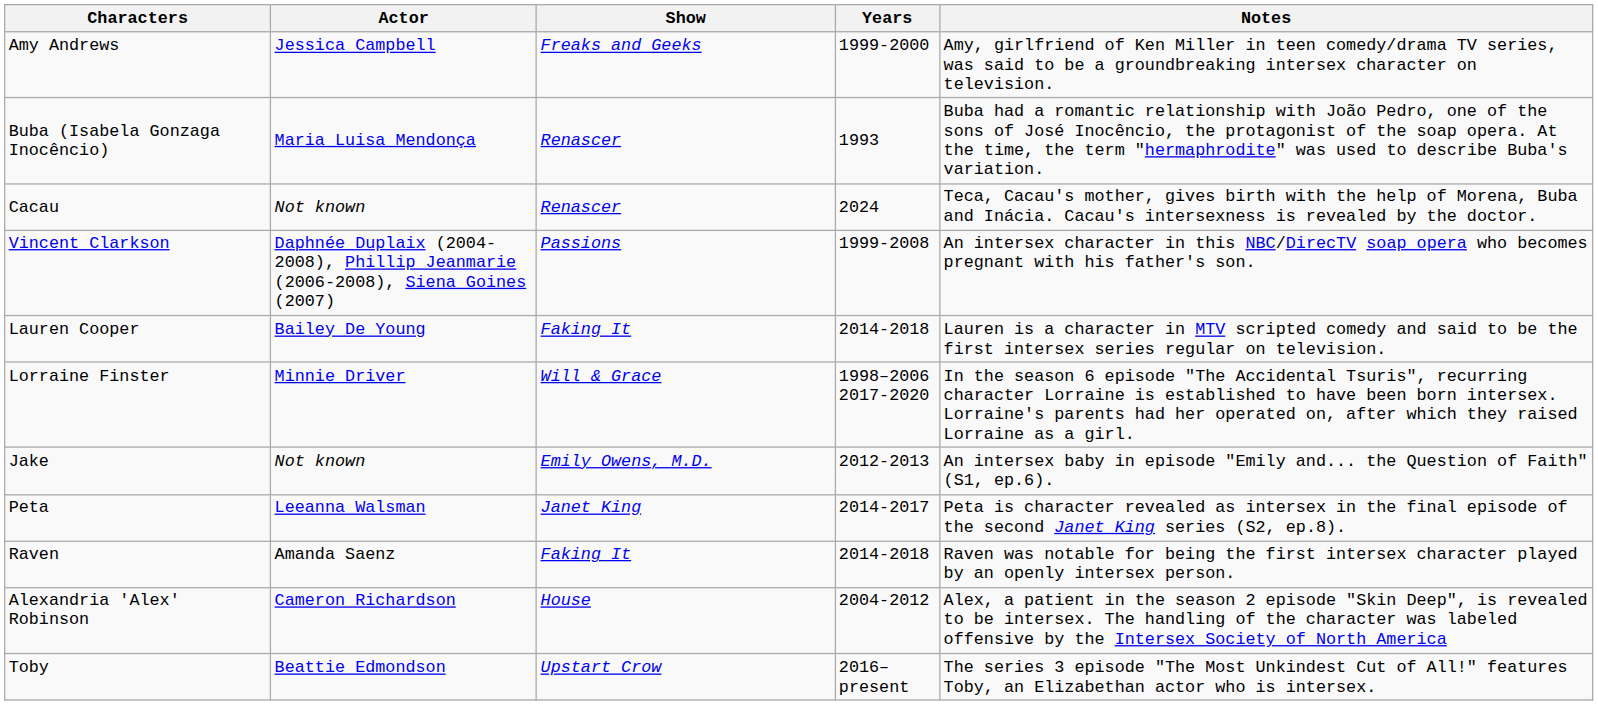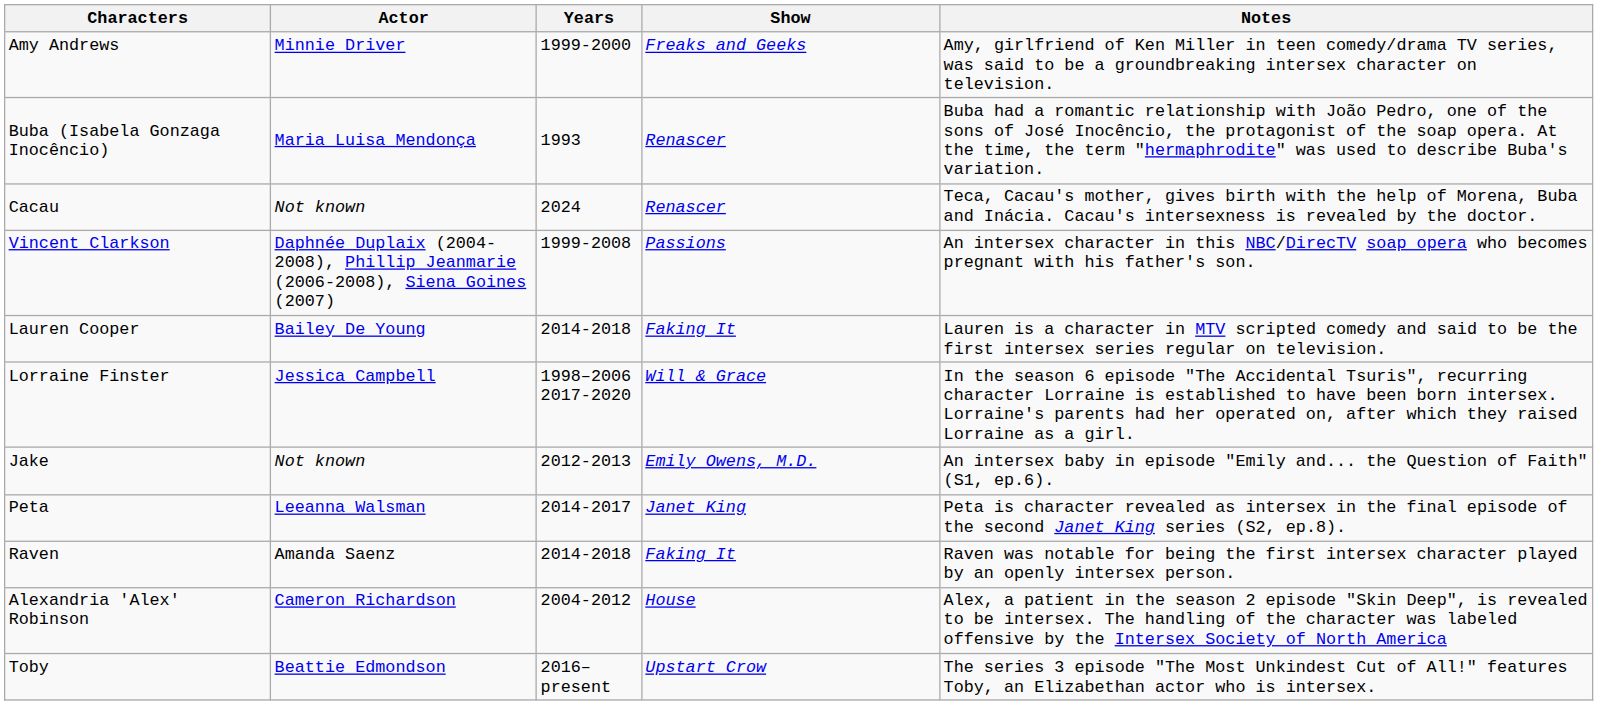 <table class="sortable wikitable" style="margins:auto; width=100%;">
 <tr>
 <th style="width:200px">Characters</th>
 <th style="width:200px">Actor</th>
+<th style="width:75px;">Years</th>
 <th style="width:225px;">Show</th>
-<th style="width:75px;">Years</th>
 <th style="width:500px;">Notes</th>
 </tr>
 <tr valign="top">
 <td>Amy Andrews</td>
-<td><a href='#'>Jessica Campbell</a></td>
+<td><a href='#'>Minnie Driver</a></td>
+<td>1999-2000</td>
 <td><em><a href='#'>Freaks and Geeks</a></em></td>
-<td>1999-2000</td>
 <td>Amy, girlfriend of Ken Miller in teen comedy/drama TV series, was said to be a groundbreaking intersex character on television.</td>
 </tr>
 <tr>
 <td>Buba (Isabela Gonzaga Inocêncio)</td>
 <td><a href='#'>Maria Luisa Mendonça</a></td>
+<td>1993</td>
 <td><a href='#'><em>Renascer</em></a></td>
-<td>1993</td>
 <td>Buba had a romantic relationship with João Pedro, one of the sons of José Inocêncio, the protagonist of the soap opera. At the time, the term "<a href='#'>hermaphrodite</a>" was used to describe Buba's variation.</td>
 </tr>
 <tr>
 <td>Cacau</td>
 <td><em>Not known</em></td>
+<td>2024</td>
 <td><a href='#'><em>Renascer</em></a></td>
-<td>2024</td>
 <td>Teca, Cacau's mother, gives birth with the help of Morena, Buba and Inácia. Cacau's intersexness is revealed by the doctor.</td>
 </tr>
 <tr valign="top">
 <td><a href='#'>Vincent Clarkson</a></td>
 <td><a href='#'>Daphnée Duplaix</a> (2004-2008), <a href='#'>Phillip Jeanmarie</a> (2006-2008), <a href='#'>Siena Goines</a> (2007)</td>
+<td>1999-2008</td>
 <td><em><a href='#'>Passions</a></em></td>
-<td>1999-2008</td>
 <td>An intersex character in this <a href='#'>NBC</a>/<a href='#'>DirecTV</a> <a href='#'>soap opera</a> who becomes pregnant with his father's son.</td>
 </tr>
 <tr valign="top">
 <td>Lauren Cooper</td>
 <td><a href='#'>Bailey De Young</a></td>
+<td>2014-2018</td>
 <td><em><a href='#'>Faking It</a></em></td>
-<td>2014-2018</td>
 <td>Lauren is a character in <a href='#'>MTV</a> scripted comedy  and said to be the first intersex series regular on television.</td>
 </tr>
 <tr valign="top">
 <td>Lorraine Finster</td>
-<td><a href='#'>Minnie Driver</a></td>
+<td><a href='#'>Jessica Campbell</a></td>
+<td>1998–2006<br>2017-2020</td>
 <td><em><a href='#'>Will & Grace</a></em></td>
-<td>1998–2006<br>2017-2020</td>
 <td>In the season 6 episode "The Accidental Tsuris", recurring character Lorraine is established to have been born intersex. Lorraine's parents had her operated on, after which they raised Lorraine as a girl.</td>
 </tr>
 <tr valign="top">
 <td>Jake</td>
 <td><em>Not known</em></td>
+<td>2012-2013</td>
 <td><em><a href='#'>Emily Owens, M.D.</a></em></td>
-<td>2012-2013</td>
 <td>An intersex baby in episode "Emily and... the Question of Faith" (S1, ep.6).</td>
 </tr>
 <tr valign="top">
 <td>Peta</td>
 <td><a href='#'>Leeanna Walsman</a></td>
+<td>2014-2017</td>
 <td><em><a href='#'>Janet King</a></em></td>
-<td>2014-2017</td>
 <td>Peta is character revealed as intersex in the final episode of the second <em><a href='#'>Janet King</a></em> series (S2, ep.8).</td>
 </tr>
 <tr valign="top">
 <td>Raven</td>
 <td>Amanda Saenz</td>
+<td>2014-2018</td>
 <td><em><a href='#'>Faking It</a></em></td>
-<td>2014-2018</td>
 <td>Raven was notable for being the first intersex character played by an openly intersex person.</td>
 </tr>
 <tr valign="top">
 <td>Alexandria 'Alex' Robinson</td>
 <td><a href='#'>Cameron Richardson</a></td>
+<td>2004-2012</td>
 <td><em><a href='#'>House</a></em></td>
-<td>2004-2012</td>
 <td>Alex, a patient in the season 2 episode "Skin Deep", is revealed to be intersex. The handling of the character was labeled offensive by the <a href='#'>Intersex Society of North America</a></td>
 </tr>
 <tr valign="top">
 <td>Toby</td>
 <td><a href='#'>Beattie Edmondson</a></td>
+<td>2016–present</td>
 <td><em><a href='#'>Upstart Crow</a></em></td>
-<td>2016–present</td>
 <td>The series 3 episode "The Most Unkindest Cut of All!" features Toby, an Elizabethan actor who is intersex.</td>
 </tr>
 </table>
